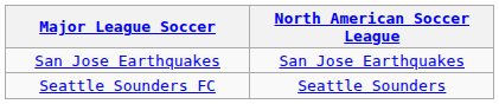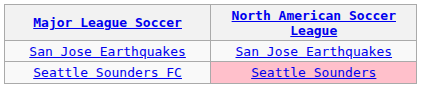 <table class="wikitable" style="text-align: center;">
 <tr>
 <th width="200"><a href='#'>Major League Soccer</a></th>
 <th width="200"><a href='#'>North American Soccer League</a></th>
 </tr>
 <tr>
 <td><a href='#'>San Jose Earthquakes</a></td>
 <td><a href='#'>San Jose Earthquakes</a></td>
 </tr>
 <tr>
 <td><a href='#'>Seattle Sounders FC</a></td>
-<td><a href='#'>Seattle Sounders</a></td>
+<td style="background: pink;"><a href='#'>Seattle Sounders</a></td>
 </tr>
 </table>
